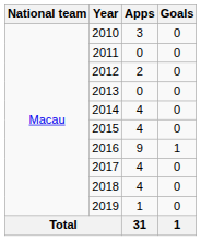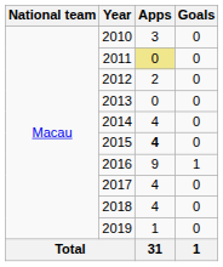 <table class="wikitable" style="text-align:center">
 <tr>
 <th>National team</th>
 <th>Year</th>
 <th>Apps</th>
 <th>Goals</th>
 </tr>
 <tr>
 <td rowspan="10"><a href='#'>Macau</a></td>
 <td>2010</td>
 <td>3</td>
 <td>0</td>
 </tr>
 <tr>
 <td>2011</td>
-<td>0</td>
+<td style="background: khaki;">0</td>
 <td>0</td>
 </tr>
 <tr>
 <td>2012</td>
 <td>2</td>
 <td>0</td>
 </tr>
 <tr>
 <td>2013</td>
 <td>0</td>
 <td>0</td>
 </tr>
 <tr>
 <td>2014</td>
 <td>4</td>
 <td>0</td>
 </tr>
 <tr>
 <td>2015</td>
-<td>4</td>
+<td><strong>4</strong></td>
 <td>0</td>
 </tr>
 <tr>
 <td>2016</td>
 <td>9</td>
 <td>1</td>
 </tr>
 <tr>
 <td>2017</td>
 <td>4</td>
 <td>0</td>
 </tr>
 <tr>
 <td>2018</td>
 <td>4</td>
 <td>0</td>
 </tr>
 <tr>
 <td>2019</td>
 <td>1</td>
 <td>0</td>
 </tr>
 <tr>
 <th colspan=2>Total</th>
 <th>31</th>
 <th>1</th>
 </tr>
 </table>
